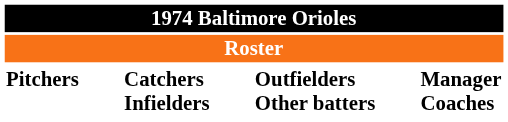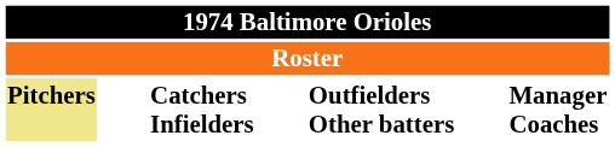 <table class="toccolours" style="font-size: 95%;">
 <tr>
 <th colspan="10" style="background-color: black; color: white; text-align: center;">1974 Baltimore Orioles</th>
 </tr>
 <tr>
 <td colspan="10" style="background-color: #F87217; color: white; text-align: center;"><strong>Roster</strong></td>
 </tr>
 <tr>
-<td valign="top"><strong>Pitchers</strong><br>          </td>
+<td valign="top" style="background: khaki;"><strong>Pitchers</strong><br>          </td>
 <td width="25px"></td>
 <td valign="top"><strong>Catchers</strong><br>   <strong>Infielders</strong>         </td>
 <td width="25px"></td>
 <td valign="top"><strong>Outfielders</strong><br>        <strong>Other batters</strong> </td>
 <td width="25px"></td>
 <td valign="top"><strong>Manager</strong><br> <strong>Coaches</strong>    </td>
 </tr>
 </table>
